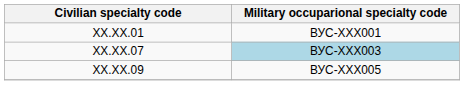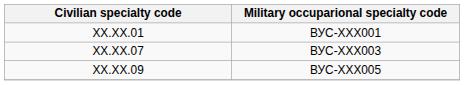 <table class="wikitable">
 <tr>
 <th style="text-align: center; width: 300px;">Civilian specialty code</th>
 <th style="text-align: center; width: 300px;">Military occuparional specialty code</th>
 </tr>
 <tr>
 <td style="text-align: center; width: 300px;">XX.XX.01</td>
 <td style="text-align: center; width: 300px;">ВУС-XXX001</td>
 </tr>
 <tr>
 <td style="text-align: center; width: 300px;">XX.XX.07</td>
-<td style="background: lightblue; text-align: center; width: 300px;">ВУС-XXX003</td>
+<td style="text-align: center; width: 300px;">ВУС-XXX003</td>
 </tr>
 <tr>
 <td style="text-align: center; width: 300px;">XX.XX.09</td>
 <td style="text-align: center; width: 300px;">ВУС-XXX005</td>
 </tr>
 <tr>
 </tr>
 </table>
